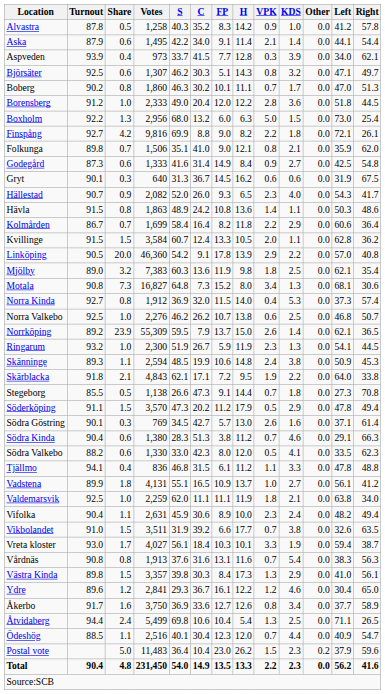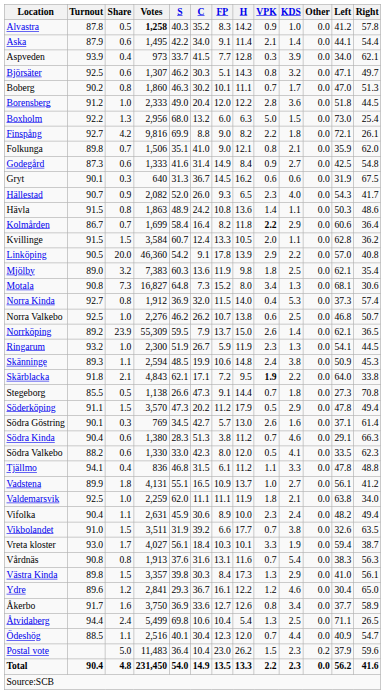 <table class="wikitable sortable" style=text-align:right>
 <tr>
 <th>Location</th>
 <th>Turnout</th>
 <th>Share</th>
 <th>Votes</th>
 <th><a href='#'>S</a></th>
 <th><a href='#'>C</a></th>
 <th><a href='#'>FP</a></th>
 <th><a href='#'>H</a></th>
 <th><a href='#'>VPK</a></th>
 <th><a href='#'>KDS</a></th>
 <th>Other</th>
 <th>Left</th>
 <th>Right</th>
 </tr>
 <tr>
 <td align=left><a href='#'>Alvastra</a></td>
 <td>87.8</td>
 <td>0.5</td>
-<td>1,258</td>
+<td><strong>1,258</strong></td>
 <td>40.3</td>
 <td>35.2</td>
 <td>8.3</td>
 <td>14.2</td>
 <td>0.9</td>
 <td>1.0</td>
 <td>0.0</td>
 <td>41.2</td>
 <td>57.8</td>
 </tr>
 <tr>
 <td align=left><a href='#'>Aska</a></td>
 <td>87.9</td>
 <td>0.6</td>
 <td>1,495</td>
 <td>42.2</td>
 <td>34.0</td>
 <td>9.1</td>
 <td>11.4</td>
 <td>2.1</td>
 <td>1.4</td>
 <td>0.0</td>
 <td>44.1</td>
 <td>54.4</td>
 </tr>
 <tr>
 <td align=left>Aspveden</td>
 <td>93.9</td>
 <td>0.4</td>
 <td>973</td>
 <td>33.7</td>
 <td>41.5</td>
 <td>7.7</td>
 <td>12.8</td>
 <td>0.3</td>
 <td>3.9</td>
 <td>0.0</td>
 <td>34.0</td>
 <td>62.1</td>
 </tr>
 <tr>
 <td align=left><a href='#'>Björsäter</a></td>
 <td>92.5</td>
 <td>0.6</td>
 <td>1,307</td>
 <td>46.2</td>
 <td>30.3</td>
 <td>5.1</td>
 <td>14.3</td>
 <td>0.8</td>
 <td>3.2</td>
 <td>0.0</td>
 <td>47.1</td>
 <td>49.7</td>
 </tr>
 <tr>
 <td align=left>Boberg</td>
 <td>90.2</td>
 <td>0.8</td>
 <td>1,860</td>
 <td>46.3</td>
 <td>30.2</td>
 <td>10.1</td>
 <td>11.1</td>
 <td>0.7</td>
 <td>1.7</td>
 <td>0.0</td>
 <td>47.0</td>
 <td>51.3</td>
 </tr>
 <tr>
 <td align=left><a href='#'>Borensberg</a></td>
 <td>91.2</td>
 <td>1.0</td>
 <td>2,333</td>
 <td>49.0</td>
 <td>20.4</td>
 <td>12.0</td>
 <td>12.2</td>
 <td>2.8</td>
 <td>3.6</td>
 <td>0.0</td>
 <td>51.8</td>
 <td>44.5</td>
 </tr>
 <tr>
 <td align=left><a href='#'>Boxholm</a></td>
 <td>92.2</td>
 <td>1.3</td>
 <td>2,956</td>
 <td>68.0</td>
 <td>13.2</td>
 <td>6.0</td>
 <td>6.3</td>
 <td>5.0</td>
 <td>1.5</td>
 <td>0.0</td>
 <td>73.0</td>
 <td>25.4</td>
 </tr>
 <tr>
 <td align=left><a href='#'>Finspång</a></td>
 <td>92.7</td>
 <td>4.2</td>
 <td>9,816</td>
 <td>69.9</td>
 <td>8.8</td>
 <td>9.0</td>
 <td>8.2</td>
 <td>2.2</td>
 <td>1.8</td>
 <td>0.0</td>
 <td>72.1</td>
 <td>26.1</td>
 </tr>
 <tr>
 <td align=left>Folkunga</td>
 <td>89.8</td>
 <td>0.7</td>
 <td>1,506</td>
 <td>35.1</td>
 <td>41.0</td>
 <td>9.0</td>
 <td>12.1</td>
 <td>0.8</td>
 <td>2.1</td>
 <td>0.0</td>
 <td>35.9</td>
 <td>62.0</td>
 </tr>
 <tr>
 <td align=left><a href='#'>Godegård</a></td>
 <td>87.3</td>
 <td>0.6</td>
 <td>1,333</td>
 <td>41.6</td>
 <td>31.4</td>
 <td>14.9</td>
 <td>8.4</td>
 <td>0.9</td>
 <td>2.7</td>
 <td>0.0</td>
 <td>42.5</td>
 <td>54.8</td>
 </tr>
 <tr>
 <td align=left>Gryt</td>
 <td>90.1</td>
 <td>0.3</td>
 <td>640</td>
 <td>31.3</td>
 <td>36.7</td>
 <td>14.5</td>
 <td>16.2</td>
 <td>0.6</td>
 <td>0.6</td>
 <td>0.0</td>
 <td>31.9</td>
 <td>67.5</td>
 </tr>
 <tr>
 <td align=left><a href='#'>Hällestad</a></td>
 <td>90.7</td>
 <td>0.9</td>
 <td>2,082</td>
 <td>52.0</td>
 <td>26.0</td>
 <td>9.3</td>
 <td>6.5</td>
 <td>2.3</td>
 <td>4.0</td>
 <td>0.0</td>
 <td>54.3</td>
 <td>41.7</td>
 </tr>
 <tr>
 <td align=left>Hävla</td>
 <td>91.5</td>
 <td>0.8</td>
 <td>1,863</td>
 <td>48.9</td>
 <td>24.2</td>
 <td>10.8</td>
 <td>13.6</td>
 <td>1.4</td>
 <td>1.1</td>
 <td>0.0</td>
 <td>50.3</td>
 <td>48.6</td>
 </tr>
 <tr>
 <td align=left><a href='#'>Kolmården</a></td>
 <td>86.7</td>
 <td>0.7</td>
 <td>1,699</td>
 <td>58.4</td>
 <td>16.4</td>
 <td>8.2</td>
 <td>11.8</td>
-<td>2.2</td>
+<td><strong>2.2</strong></td>
 <td>2.9</td>
 <td>0.0</td>
 <td>60.6</td>
 <td>36.4</td>
 </tr>
 <tr>
 <td align=left>Kvillinge</td>
 <td>91.5</td>
 <td>1.5</td>
 <td>3,584</td>
 <td>60.7</td>
 <td>12.4</td>
 <td>13.3</td>
 <td>10.5</td>
 <td>2.0</td>
 <td>1.1</td>
 <td>0.0</td>
 <td>62.8</td>
 <td>36.2</td>
 </tr>
 <tr>
 <td align=left><a href='#'>Linköping</a></td>
 <td>90.5</td>
 <td>20.0</td>
 <td>46,360</td>
 <td>54.2</td>
 <td>9.1</td>
 <td>17.8</td>
 <td>13.9</td>
 <td>2.9</td>
 <td>2.2</td>
 <td>0.0</td>
 <td>57.0</td>
 <td>40.8</td>
 </tr>
 <tr>
 <td align=left><a href='#'>Mjölby</a></td>
 <td>89.0</td>
 <td>3.2</td>
 <td>7,383</td>
 <td>60.3</td>
 <td>13.6</td>
 <td>11.9</td>
 <td>9.8</td>
 <td>1.8</td>
 <td>2.5</td>
 <td>0.0</td>
 <td>62.1</td>
 <td>35.4</td>
 </tr>
 <tr>
 <td align=left><a href='#'>Motala</a></td>
 <td>90.8</td>
 <td>7.3</td>
 <td>16,827</td>
 <td>64.8</td>
 <td>7.3</td>
 <td>15.2</td>
 <td>8.0</td>
 <td>3.4</td>
 <td>1.3</td>
 <td>0.0</td>
 <td>68.1</td>
 <td>30.6</td>
 </tr>
 <tr>
 <td align=left><a href='#'>Norra Kinda</a></td>
 <td>92.7</td>
 <td>0.8</td>
 <td>1,912</td>
 <td>36.9</td>
 <td>32.0</td>
 <td>11.5</td>
 <td>14.0</td>
 <td>0.4</td>
 <td>5.3</td>
 <td>0.0</td>
 <td>37.3</td>
 <td>57.4</td>
 </tr>
 <tr>
 <td align=left>Norra Valkebo</td>
 <td>92.5</td>
 <td>1.0</td>
 <td>2,276</td>
 <td>46.2</td>
 <td>26.2</td>
 <td>10.7</td>
 <td>13.8</td>
 <td>0.6</td>
 <td>2.5</td>
 <td>0.0</td>
 <td>46.8</td>
 <td>50.7</td>
 </tr>
 <tr>
 <td align=left><a href='#'>Norrköping</a></td>
 <td>89.2</td>
 <td>23.9</td>
 <td>55,309</td>
 <td>59.5</td>
 <td>7.9</td>
 <td>13.7</td>
 <td>15.0</td>
 <td>2.6</td>
 <td>1.4</td>
 <td>0.0</td>
 <td>62.1</td>
 <td>36.5</td>
 </tr>
 <tr>
 <td align=left><a href='#'>Ringarum</a></td>
 <td>93.2</td>
 <td>1.0</td>
 <td>2,300</td>
 <td>51.9</td>
 <td>26.7</td>
 <td>5.9</td>
 <td>11.9</td>
 <td>2.3</td>
 <td>1.3</td>
 <td>0.0</td>
 <td>54.1</td>
 <td>44.5</td>
 </tr>
 <tr>
 <td align=left><a href='#'>Skänninge</a></td>
 <td>89.3</td>
 <td>1.1</td>
 <td>2,594</td>
 <td>48.5</td>
 <td>19.9</td>
 <td>10.6</td>
 <td>14.8</td>
 <td>2.4</td>
 <td>3.8</td>
 <td>0.0</td>
 <td>50.9</td>
 <td>45.3</td>
 </tr>
 <tr>
 <td align=left><a href='#'>Skärblacka</a></td>
 <td>91.8</td>
 <td>2.1</td>
 <td>4,843</td>
 <td>62.1</td>
 <td>17.1</td>
 <td>7.2</td>
 <td>9.5</td>
-<td>1.9</td>
+<td><strong>1.9</strong></td>
 <td>2.2</td>
 <td>0.0</td>
 <td>64.0</td>
 <td>33.8</td>
 </tr>
 <tr>
 <td align=left>Stegeborg</td>
 <td>85.5</td>
 <td>0.5</td>
 <td>1,138</td>
 <td>26.6</td>
 <td>47.3</td>
 <td>9.1</td>
 <td>14.4</td>
 <td>0.7</td>
 <td>1.8</td>
 <td>0.0</td>
 <td>27.3</td>
 <td>70.8</td>
 </tr>
 <tr>
 <td align=left><a href='#'>Söderköping</a></td>
 <td>91.1</td>
 <td>1.5</td>
 <td>3,570</td>
 <td>47.3</td>
 <td>20.2</td>
 <td>11.2</td>
 <td>17.9</td>
 <td>0.5</td>
 <td>2.9</td>
 <td>0.0</td>
 <td>47.8</td>
 <td>49.4</td>
 </tr>
 <tr>
 <td align=left>Södra Göstring</td>
 <td>90.1</td>
 <td>0.3</td>
 <td>769</td>
 <td>34.5</td>
 <td>42.7</td>
 <td>5.7</td>
 <td>13.0</td>
 <td>2.6</td>
 <td>1.6</td>
 <td>0.0</td>
 <td>37.1</td>
 <td>61.4</td>
 </tr>
 <tr>
 <td align=left><a href='#'>Södra Kinda</a></td>
 <td>90.4</td>
 <td>0.6</td>
 <td>1,380</td>
 <td>28.3</td>
 <td>51.3</td>
 <td>3.8</td>
 <td>11.2</td>
 <td>0.7</td>
 <td>4.6</td>
 <td>0.0</td>
 <td>29.1</td>
 <td>66.3</td>
 </tr>
 <tr>
 <td align=left>Södra Valkebo</td>
 <td>88.2</td>
 <td>0.6</td>
 <td>1,330</td>
 <td>33.0</td>
 <td>42.3</td>
 <td>8.0</td>
 <td>12.0</td>
 <td>0.5</td>
 <td>4.1</td>
 <td>0.0</td>
 <td>33.5</td>
 <td>62.3</td>
 </tr>
 <tr>
 <td align=left><a href='#'>Tjällmo</a></td>
 <td>94.1</td>
 <td>0.4</td>
 <td>836</td>
 <td>46.8</td>
 <td>31.5</td>
 <td>6.1</td>
 <td>11.2</td>
 <td>1.1</td>
 <td>3.3</td>
 <td>0.0</td>
 <td>47.8</td>
 <td>48.8</td>
 </tr>
 <tr>
 <td align=left><a href='#'>Vadstena</a></td>
 <td>89.9</td>
 <td>1.8</td>
 <td>4,131</td>
 <td>55.1</td>
 <td>16.5</td>
 <td>10.9</td>
 <td>13.7</td>
 <td>1.0</td>
 <td>2.7</td>
 <td>0.0</td>
 <td>56.1</td>
 <td>41.2</td>
 </tr>
 <tr>
 <td align=left><a href='#'>Valdemarsvik</a></td>
 <td>92.5</td>
 <td>1.0</td>
 <td>2,259</td>
 <td>62.0</td>
 <td>11.1</td>
 <td>11.1</td>
 <td>11.9</td>
 <td>1.8</td>
 <td>2.1</td>
 <td>0.0</td>
 <td>63.8</td>
 <td>34.0</td>
 </tr>
 <tr>
 <td align=left>Vifolka</td>
 <td>90.4</td>
 <td>1.1</td>
 <td>2,631</td>
 <td>45.9</td>
 <td>30.6</td>
 <td>8.9</td>
 <td>10.0</td>
 <td>2.3</td>
 <td>2.4</td>
 <td>0.0</td>
 <td>48.2</td>
 <td>49.4</td>
 </tr>
 <tr>
 <td align=left><a href='#'>Vikbolandet</a></td>
 <td>91.0</td>
 <td>1.5</td>
 <td>3,511</td>
 <td>31.9</td>
 <td>39.2</td>
 <td>6.6</td>
 <td>17.7</td>
 <td>0.7</td>
 <td>3.8</td>
 <td>0.0</td>
 <td>32.6</td>
 <td>63.5</td>
 </tr>
 <tr>
 <td align=left>Vreta kloster</td>
 <td>93.0</td>
 <td>1.7</td>
 <td>4,027</td>
 <td>56.1</td>
 <td>18.4</td>
 <td>10.3</td>
 <td>10.1</td>
 <td>3.3</td>
 <td>1.9</td>
 <td>0.0</td>
 <td>59.4</td>
 <td>38.7</td>
 </tr>
 <tr>
 <td align=left>Vårdnäs</td>
 <td>90.8</td>
 <td>0.8</td>
 <td>1,913</td>
 <td>37.6</td>
 <td>31.6</td>
 <td>13.1</td>
 <td>11.6</td>
 <td>0.7</td>
 <td>5.4</td>
 <td>0.0</td>
 <td>38.3</td>
 <td>56.3</td>
 </tr>
 <tr>
 <td align=left><a href='#'>Västra Kinda</a></td>
 <td>89.8</td>
 <td>1.5</td>
 <td>3,357</td>
 <td>39.8</td>
 <td>30.3</td>
 <td>8.4</td>
 <td>17.3</td>
 <td>1.3</td>
 <td>2.9</td>
 <td>0.0</td>
 <td>41.0</td>
 <td>56.1</td>
 </tr>
 <tr>
 <td align=left><a href='#'>Ydre</a></td>
 <td>89.6</td>
 <td>1.2</td>
 <td>2,841</td>
 <td>29.3</td>
 <td>36.7</td>
 <td>16.1</td>
 <td>12.2</td>
 <td>1.2</td>
 <td>4.6</td>
 <td>0.0</td>
 <td>30.4</td>
 <td>65.0</td>
 </tr>
 <tr>
 <td align=left>Åkerbo</td>
 <td>91.7</td>
 <td>1.6</td>
 <td>3,750</td>
 <td>36.9</td>
 <td>33.6</td>
 <td>12.7</td>
 <td>12.6</td>
 <td>0.8</td>
 <td>3.4</td>
 <td>0.0</td>
 <td>37.7</td>
 <td>58.9</td>
 </tr>
 <tr>
 <td align=left><a href='#'>Åtvidaberg</a></td>
 <td>94.4</td>
 <td>2.4</td>
 <td>5,499</td>
 <td>69.8</td>
 <td>10.6</td>
 <td>10.4</td>
 <td>5.4</td>
 <td>1.3</td>
 <td>2.5</td>
 <td>0.0</td>
 <td>71.1</td>
 <td>26.5</td>
 </tr>
 <tr>
 <td align=left><a href='#'>Ödeshög</a></td>
 <td>88.5</td>
 <td>1.1</td>
 <td>2,516</td>
 <td>40.1</td>
 <td>30.4</td>
 <td>12.3</td>
 <td>12.0</td>
 <td>0.7</td>
 <td>4.4</td>
 <td>0.0</td>
 <td>40.9</td>
 <td>54.7</td>
 </tr>
 <tr>
 <td align=left><a href='#'>Postal vote</a></td>
 <td></td>
 <td>5.0</td>
 <td>11,483</td>
 <td>36.4</td>
 <td>10.4</td>
 <td>23.0</td>
 <td>26.2</td>
 <td>1.5</td>
 <td>2.3</td>
 <td>0.2</td>
 <td>37.9</td>
 <td>59.6</td>
 </tr>
 <tr>
 <td align=left><strong>Total</strong></td>
 <td><strong>90.4</strong></td>
 <td><strong>4.8</strong></td>
 <td><strong>231,450</strong></td>
 <td><strong>54.0</strong></td>
 <td><strong>14.9</strong></td>
 <td><strong>13.5</strong></td>
 <td><strong>13.3</strong></td>
 <td><strong>2.2</strong></td>
 <td><strong>2.3</strong></td>
 <td><strong>0.0</strong></td>
 <td><strong>56.2</strong></td>
 <td><strong>41.6</strong></td>
 </tr>
 <tr>
 <td align=left colspan=13>Source:SCB </td>
 </tr>
 </table>
